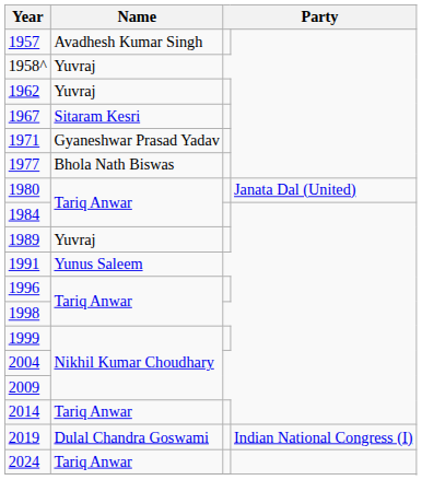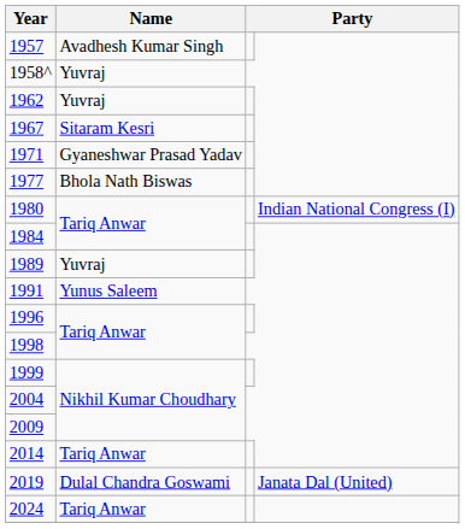 <table class="wikitable">
 <tr>
 <th>Year</th>
 <th>Name</th>
 <th colspan="2">Party</th>
 </tr>
 <tr>
 <td><a href='#'>1957</a></td>
 <td>Avadhesh Kumar Singh</td>
 <td></td>
 </tr>
 <tr>
 <td>1958^</td>
 <td>Yuvraj</td>
 </tr>
 <tr>
 <td><a href='#'>1962</a></td>
 <td>Yuvraj</td>
 <td></td>
 </tr>
 <tr>
 <td><a href='#'>1967</a></td>
 <td><a href='#'>Sitaram Kesri</a></td>
 <td></td>
 </tr>
 <tr>
 <td><a href='#'>1971</a></td>
 <td>Gyaneshwar Prasad Yadav</td>
 <td></td>
 </tr>
 <tr>
 <td><a href='#'>1977</a></td>
 <td>Bhola Nath Biswas</td>
 <td></td>
 </tr>
 <tr>
 <td><a href='#'>1980</a></td>
 <td rowspan="2"><a href='#'>Tariq Anwar</a></td>
 <td style=background-color:></td>
-<td><a href='#'>Janata Dal (United)</a></td>
+<td><a href='#'>Indian National Congress (I)</a></td>
 </tr>
 <tr>
 <td><a href='#'>1984</a></td>
 <td></td>
 </tr>
 <tr>
 <td><a href='#'>1989</a></td>
 <td>Yuvraj</td>
 <td></td>
 </tr>
 <tr>
 <td><a href='#'>1991</a></td>
 <td><a href='#'>Yunus Saleem</a></td>
 </tr>
 <tr>
 <td><a href='#'>1996</a></td>
 <td rowspan="2"><a href='#'>Tariq Anwar</a></td>
 <td></td>
 </tr>
 <tr>
 <td><a href='#'>1998</a></td>
 </tr>
 <tr>
 <td><a href='#'>1999</a></td>
 <td rowspan="3"><a href='#'>Nikhil Kumar Choudhary</a></td>
 <td></td>
 </tr>
 <tr>
 <td><a href='#'>2004</a></td>
 </tr>
 <tr>
 <td><a href='#'>2009</a></td>
 </tr>
 <tr>
 <td><a href='#'>2014</a></td>
 <td><a href='#'>Tariq Anwar</a></td>
 <td></td>
 </tr>
 <tr>
 <td><a href='#'>2019</a></td>
 <td><a href='#'>Dulal Chandra Goswami</a></td>
 <td style="background-color: "></td>
-<td><a href='#'>Indian National Congress (I)</a></td>
+<td><a href='#'>Janata Dal (United)</a></td>
 </tr>
 <tr>
 <td><a href='#'>2024</a></td>
 <td><a href='#'>Tariq Anwar</a></td>
 <td></td>
 </tr>
 <tr>
 </tr>
 </table>
